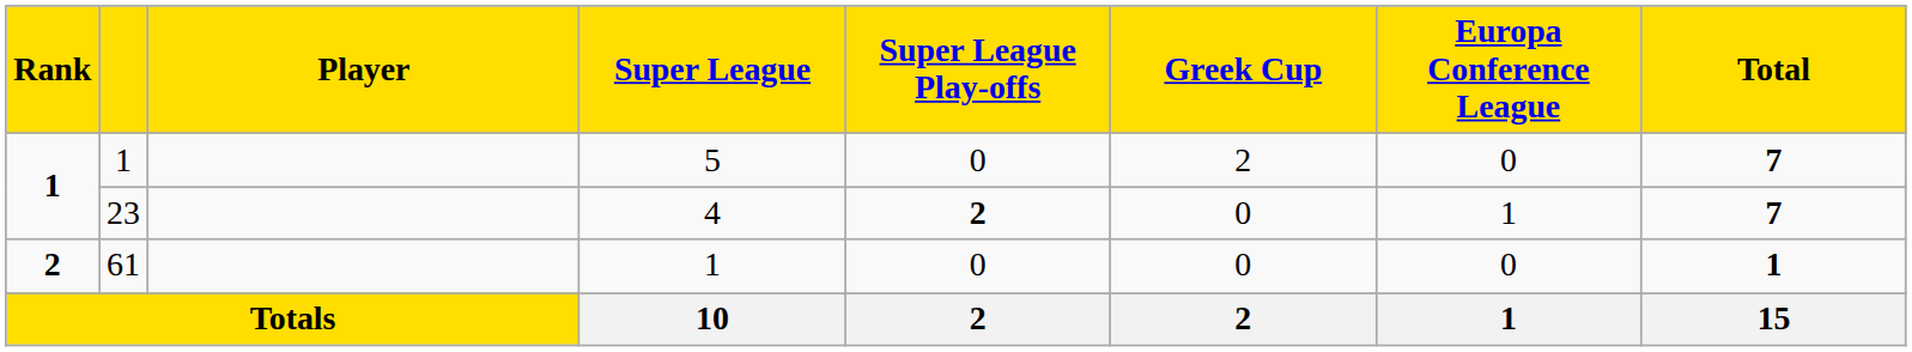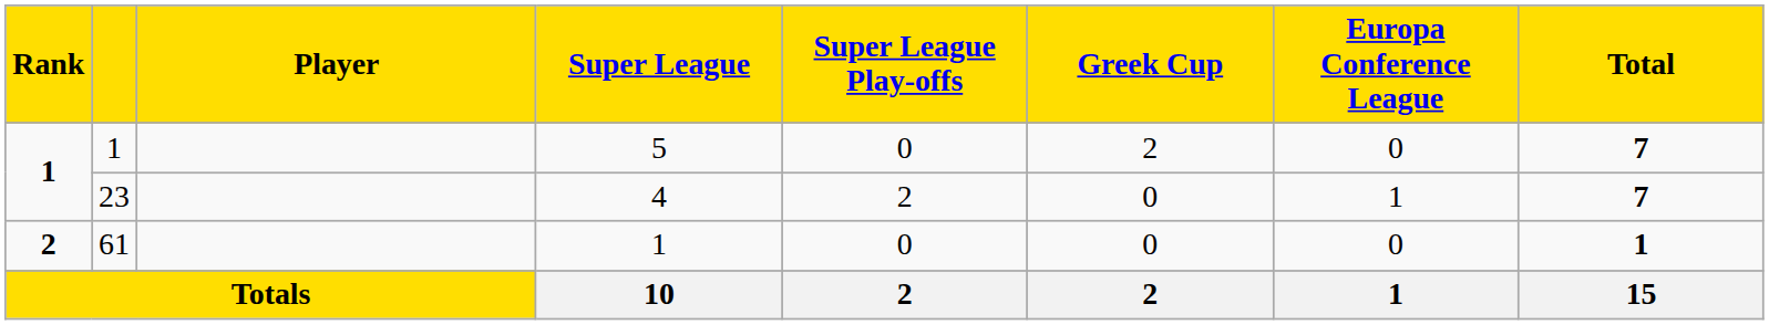 <table class="wikitable sortable" style="text-align:center">
 <tr>
 <th style="background:#FFDE00">Rank</th>
 <th style="background:#FFDE00"></th>
 <th width=200 style="background:#FFDE00">Player</th>
 <th width=120 style="background:#FFDE00"><a href='#'>Super League</a></th>
 <th width=120 style="background:#FFDE00"><a href='#'>Super League Play-offs</a></th>
 <th width=120 style="background:#FFDE00"><a href='#'>Greek Cup</a></th>
 <th width=120 style="background:#FFDE00"><a href='#'>Europa Conference League</a></th>
 <th width=120 style="background:#FFDE00">Total</th>
 </tr>
 <tr>
 <td rowspan=2><strong>1</strong></td>
 <td>1</td>
 <td align=left></td>
 <td>5</td>
 <td>0</td>
 <td>2</td>
 <td>0</td>
 <td><strong>7</strong></td>
 </tr>
 <tr>
 <td>23</td>
 <td align=left></td>
 <td>4</td>
-<td><strong>2</strong></td>
+<td>2</td>
 <td>0</td>
 <td>1</td>
 <td><strong>7</strong></td>
 </tr>
 <tr>
 <td><strong>2</strong></td>
 <td>61</td>
 <td align=left></td>
 <td>1</td>
 <td>0</td>
 <td>0</td>
 <td>0</td>
 <td><strong>1</strong></td>
 </tr>
 <tr class="sortbottom">
 <th colspan=3 style="background:#FFDE00"><strong>Totals</strong></th>
 <th><strong>10</strong></th>
 <th><strong> 2</strong></th>
 <th><strong> 2</strong></th>
 <th><strong> 1</strong></th>
 <th><strong>15</strong></th>
 </tr>
 </table>
